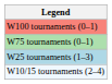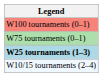 <table class=wikitable style="font-size:85%">
 <tr>
 <th>Legend</th>
 </tr>
 <tr style="background:#f88379;">
 <td>W100 tournaments (0–1)</td>
 </tr>
 <tr style="background:#addfad;">
 <td>W75 tournaments (0–1)</td>
 </tr>
 <tr style="background:lightblue;">
-<td>W25 tournaments (1–3)</td>
+<td><strong>W25 tournaments (1–3)</strong></td>
 </tr>
 <tr style="background:#f0f8ff;">
 <td>W10/15 tournaments (2–4)</td>
 </tr>
 </table>
